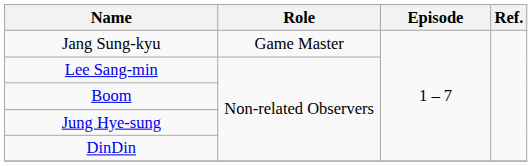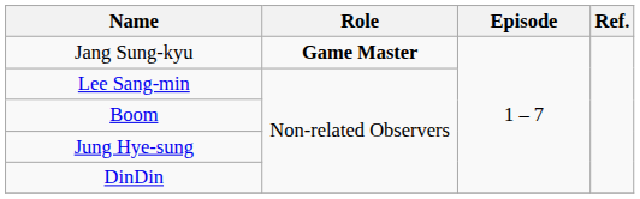 <table class="wikitable" style="text-align:center">
 <tr>
 <th style="width:200px">Name</th>
 <th style="width:150px">Role</th>
 <th style="width:100px">Episode</th>
 <th style="width:25px">Ref.</th>
 </tr>
 <tr>
 <td>Jang Sung-kyu</td>
-<td>Game Master</td>
+<td><strong>Game Master</strong></td>
 <td rowspan="5">1 – 7</td>
 <td rowspan="5"></td>
 </tr>
 <tr>
 <td><a href='#'>Lee Sang-min</a></td>
 <td rowspan="4">Non-related Observers</td>
 </tr>
 <tr>
 <td><a href='#'>Boom</a></td>
 </tr>
 <tr>
 <td><a href='#'>Jung Hye-sung</a></td>
 </tr>
 <tr>
 <td><a href='#'>DinDin</a></td>
 </tr>
 <tr>
 </tr>
 </table>
